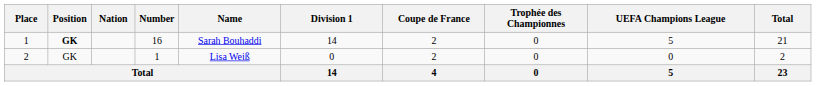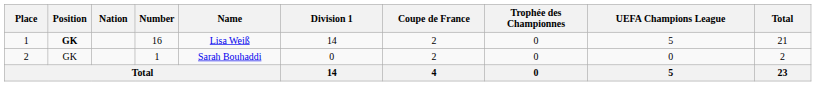 <table class="wikitable" style="font-size: 95%; text-align: center;">
 <tr>
 <th width=60>Place</th>
 <th width=60>Position</th>
 <th width=60>Nation</th>
 <th width=60>Number</th>
 <th width=150>Name</th>
 <th width=150>Division 1</th>
 <th width=150>Coupe de France</th>
 <th width=150>Trophée des Championnes</th>
 <th width=250>UEFA Champions League</th>
 <th width=80>Total</th>
 </tr>
 <tr>
 <td>1</td>
 <td><strong>GK</strong></td>
 <td></td>
 <td>16</td>
-<td><a href='#'>Sarah Bouhaddi</a></td>
+<td><a href='#'>Lisa Weiß</a></td>
 <td>14</td>
 <td>2</td>
 <td>0</td>
 <td>5</td>
 <td>21</td>
 </tr>
 <tr>
 <td>2</td>
 <td>GK</td>
 <td></td>
 <td>1</td>
-<td><a href='#'>Lisa Weiß</a></td>
+<td><a href='#'>Sarah Bouhaddi</a></td>
 <td>0</td>
 <td>2</td>
 <td>0</td>
 <td>0</td>
 <td>2</td>
 </tr>
 <tr>
 <th colspan=5>Total</th>
 <th>14</th>
 <th>4</th>
 <th>0</th>
 <th>5</th>
 <th>23</th>
 </tr>
 </table>
